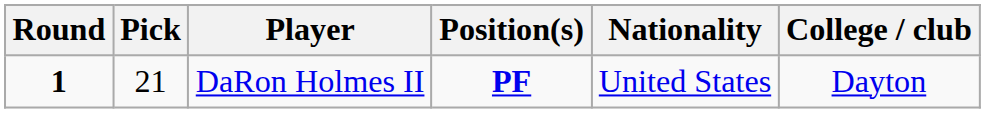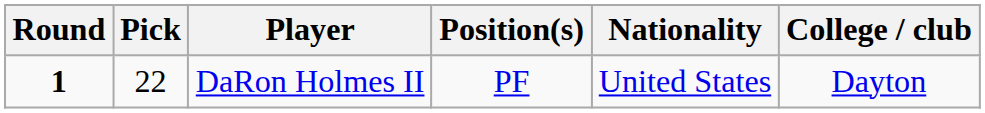 <table class="wikitable sortable sortable">
 <tr>
 <th>Round</th>
 <th>Pick</th>
 <th>Player</th>
 <th>Position(s)</th>
 <th>Nationality</th>
 <th>College / club</th>
 </tr>
 <tr style="text-align: center">
 <td><strong>1</strong></td>
-<td>21</td>
+<td>22</td>
 <td><a href='#'>DaRon Holmes II</a></td>
-<td><strong><a href='#'>PF</a></strong></td>
+<td><a href='#'>PF</a></td>
 <td> <a href='#'>United States</a></td>
 <td><a href='#'>Dayton</a></td>
 </tr>
 </table>
